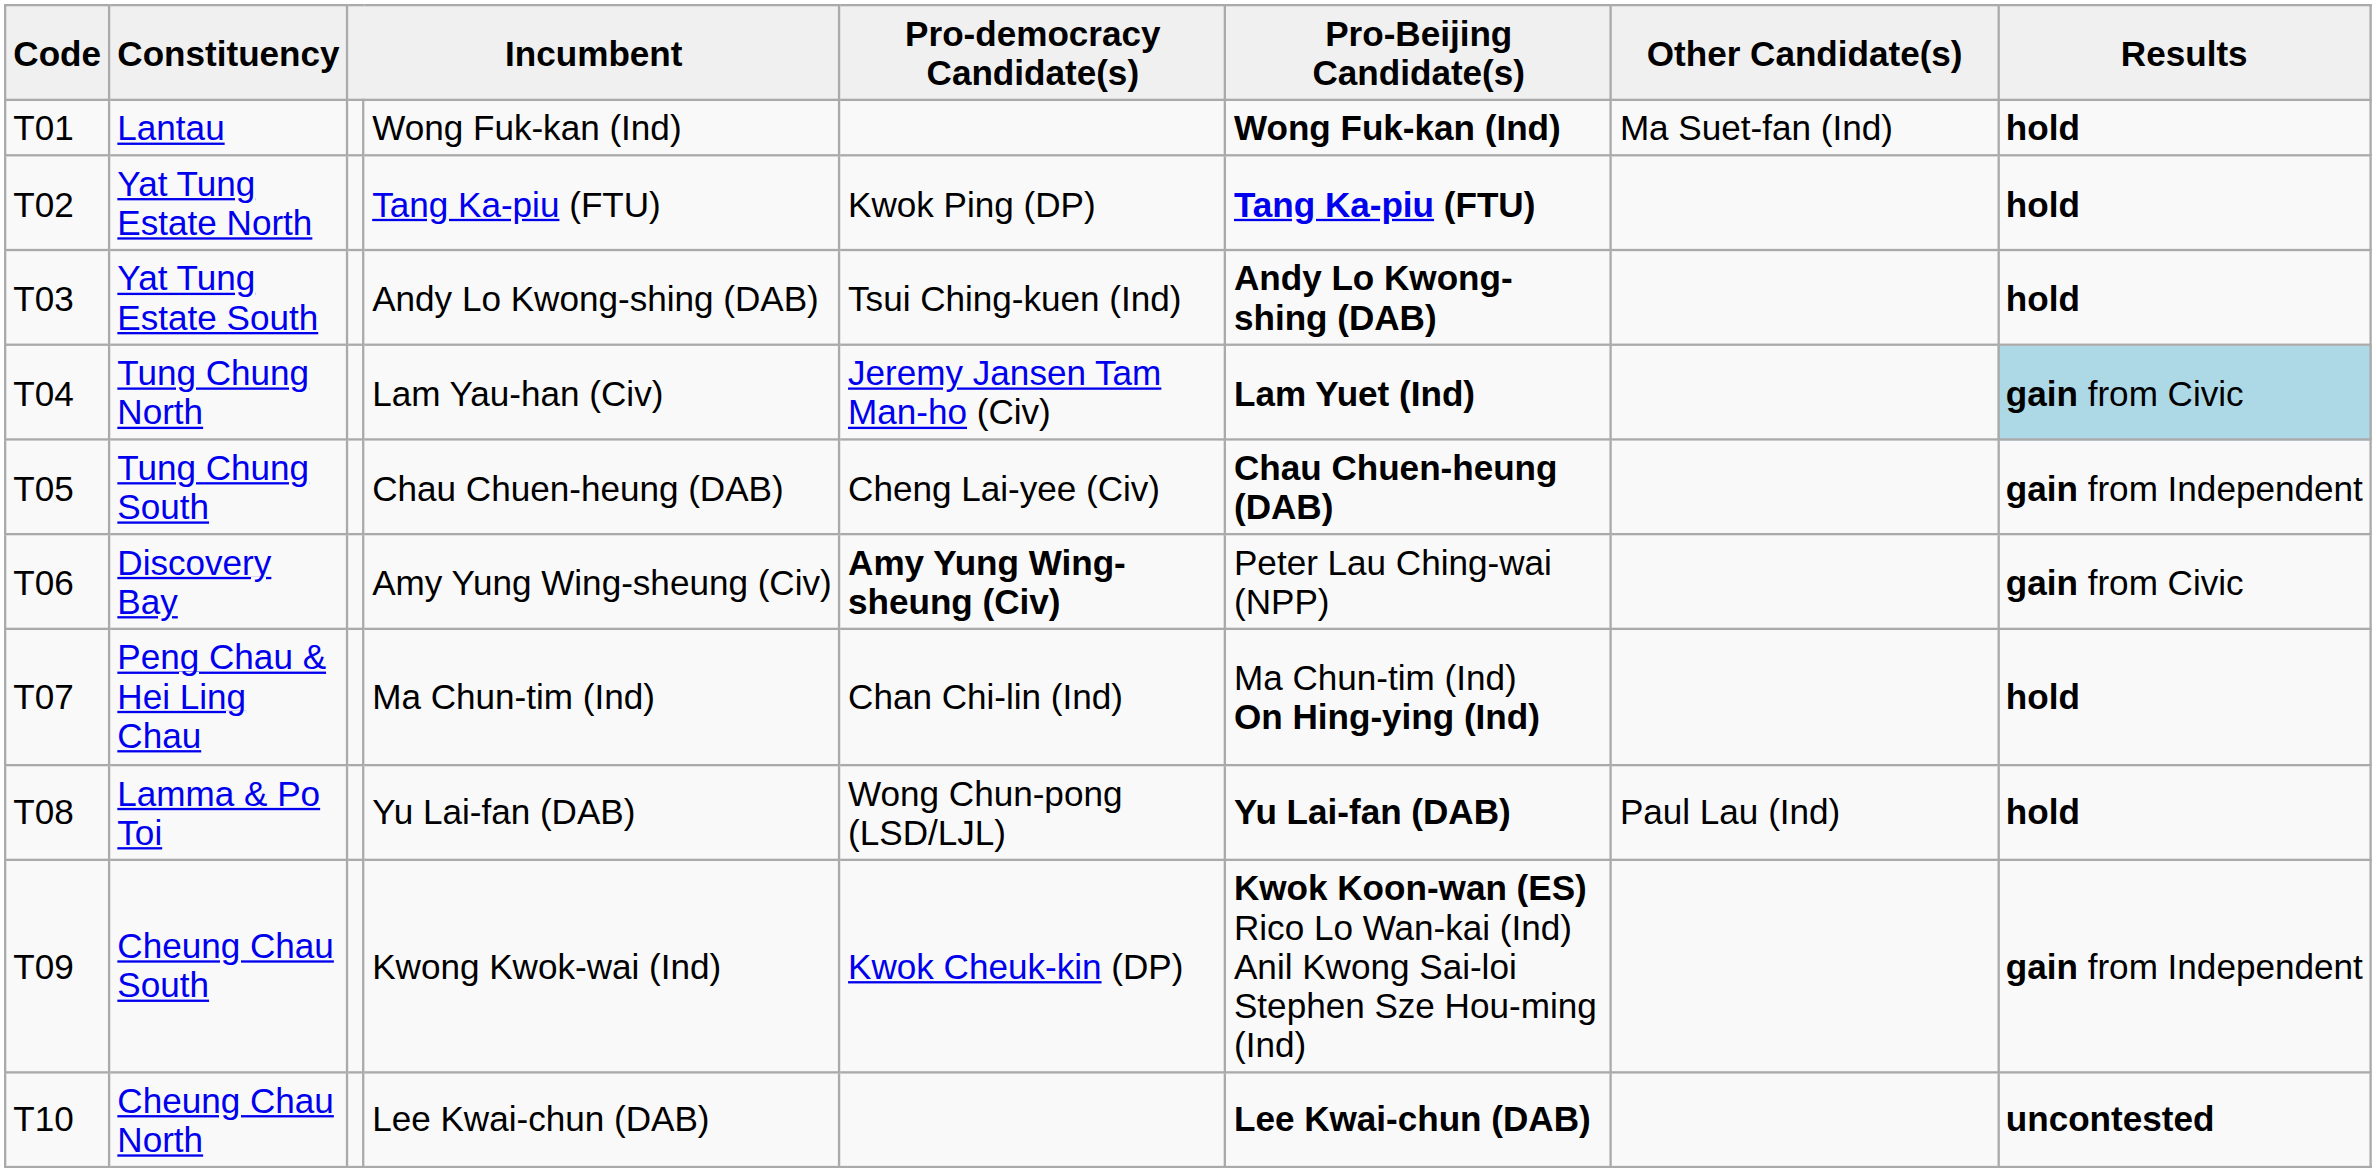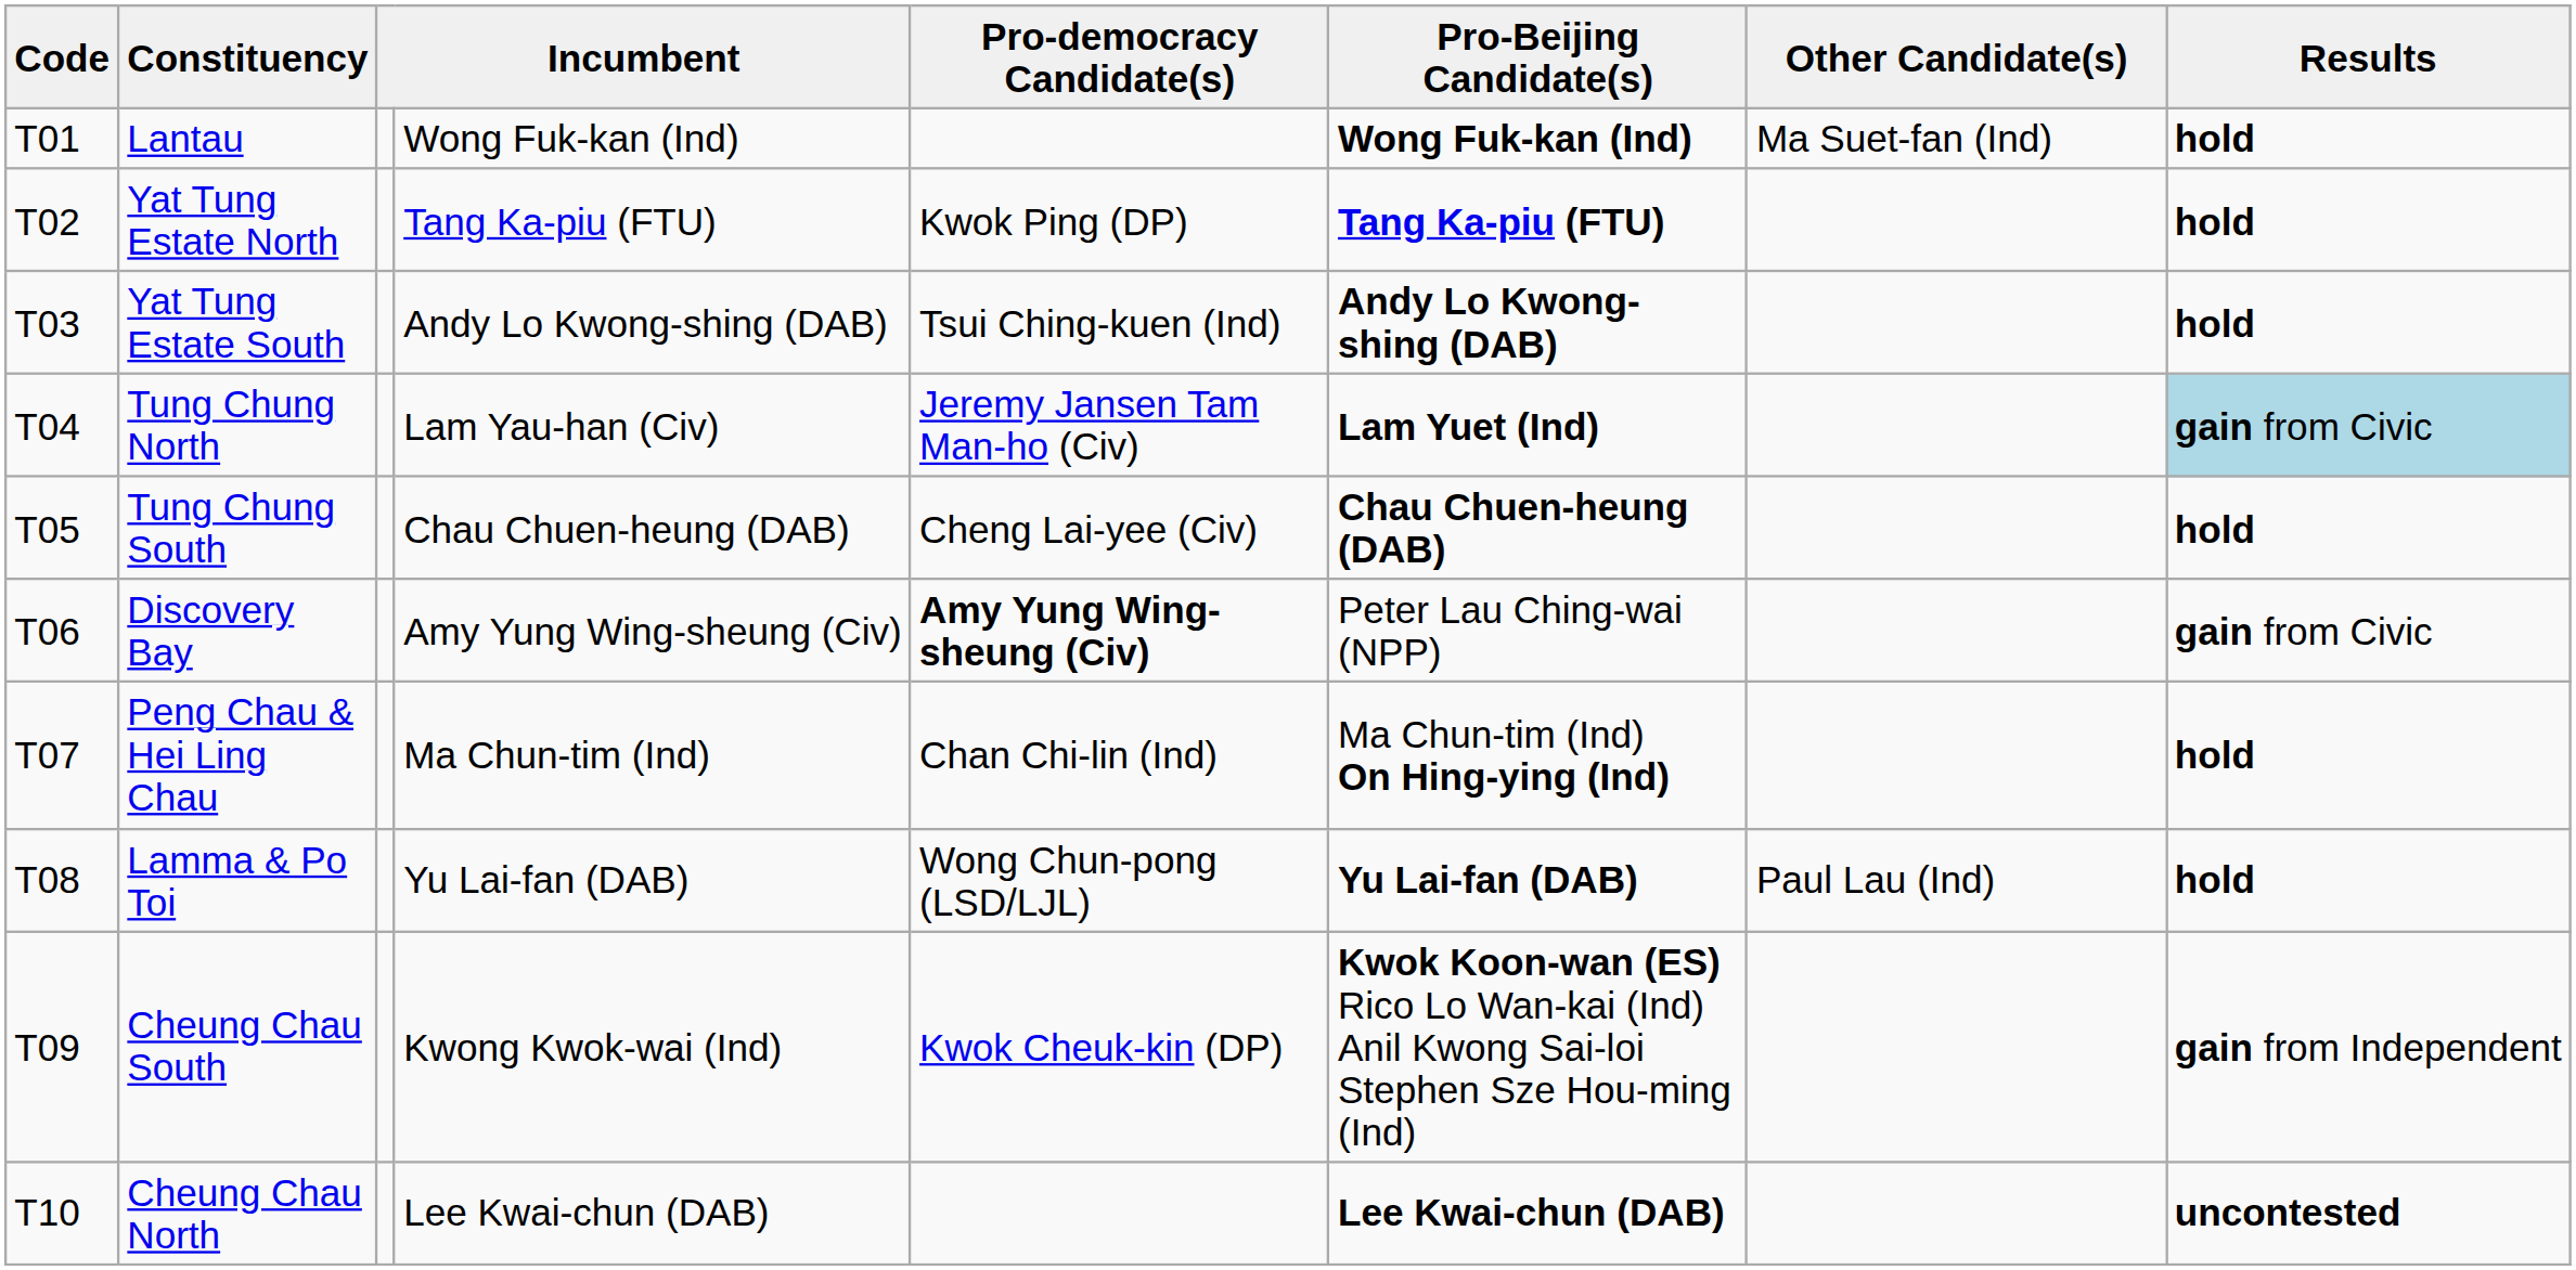 <table class="wikitable" style="font-size: 95%;">
 <tr>
 <th align="center" style="background:#f0f0f0;" width="20px">Code</th>
 <th align="center" style="background:#f0f0f0;" width="90px">Constituency</th>
 <th align="center" style="background:#f0f0f0;" width="120px" colspan=2>Incumbent</th>
 <th align="center" style="background:#f0f0f0;" width="160px">Pro-democracy Candidate(s)</th>
 <th align="center" style="background:#f0f0f0;" width="160px">Pro-Beijing Candidate(s)</th>
 <th align="center" style="background:#f0f0f0;" width="160px">Other Candidate(s)</th>
 <th align="center" style="background:#f0f0f0;" width="100px" colspan="2">Results</th>
 </tr>
 <tr>
 <td>T01</td>
 <td><a href='#'>Lantau</a></td>
 <td></td>
 <td>Wong Fuk-kan (Ind)</td>
 <td></td>
 <td><strong>Wong Fuk-kan (Ind)</strong></td>
 <td>Ma Suet-fan (Ind)</td>
 <td> <strong>hold</strong></td>
 </tr>
 <tr>
 <td>T02</td>
 <td><a href='#'>Yat Tung Estate North</a></td>
 <td></td>
 <td><a href='#'>Tang Ka-piu</a> (FTU)</td>
 <td>Kwok Ping (DP)</td>
 <td><strong><a href='#'>Tang Ka-piu</a> (FTU)</strong></td>
 <td></td>
 <td> <strong>hold</strong></td>
 </tr>
 <tr>
 <td>T03</td>
 <td><a href='#'>Yat Tung Estate South</a></td>
 <td></td>
 <td>Andy Lo Kwong-shing (DAB)</td>
 <td>Tsui Ching-kuen (Ind)</td>
 <td><strong>Andy Lo Kwong-shing (DAB) </strong></td>
 <td></td>
 <td> <strong>hold</strong></td>
 </tr>
 <tr>
 <td>T04</td>
 <td><a href='#'>Tung Chung North</a></td>
 <td></td>
 <td>Lam Yau-han (Civ)</td>
 <td><a href='#'>Jeremy Jansen Tam Man-ho</a> (Civ)</td>
 <td><strong>Lam Yuet (Ind)</strong></td>
 <td></td>
 <td style="background: lightblue;"> <strong>gain</strong> from Civic</td>
 </tr>
 <tr>
 <td>T05</td>
 <td><a href='#'>Tung Chung South</a></td>
 <td></td>
 <td>Chau Chuen-heung (DAB)</td>
 <td>Cheng Lai-yee (Civ)</td>
 <td><strong>Chau Chuen-heung (DAB)</strong></td>
 <td></td>
-<td> <strong>gain</strong> from Independent</td>
+<td> <strong>hold</strong></td>
 </tr>
 <tr>
 <td>T06</td>
 <td><a href='#'>Discovery Bay</a></td>
 <td></td>
 <td>Amy Yung Wing-sheung (Civ)</td>
 <td><strong>Amy Yung Wing-sheung (Civ) </strong></td>
 <td>Peter Lau Ching-wai (NPP)</td>
 <td></td>
 <td> <strong>gain</strong> from Civic</td>
 </tr>
 <tr>
 <td>T07</td>
 <td><a href='#'>Peng Chau & Hei Ling Chau</a></td>
 <td></td>
 <td>Ma Chun-tim (Ind)</td>
 <td>Chan Chi-lin (Ind)</td>
 <td>Ma Chun-tim (Ind)<br> <strong>On Hing-ying (Ind) </strong></td>
 <td></td>
 <td> <strong>hold</strong></td>
 </tr>
 <tr>
 <td>T08</td>
 <td><a href='#'>Lamma & Po Toi</a></td>
 <td></td>
 <td>Yu Lai-fan (DAB)</td>
 <td>Wong Chun-pong (LSD/LJL)</td>
 <td><strong>Yu Lai-fan (DAB)</strong></td>
 <td>Paul Lau (Ind)</td>
 <td> <strong>hold</strong></td>
 </tr>
 <tr>
 <td>T09</td>
 <td><a href='#'>Cheung Chau South</a></td>
 <td></td>
 <td>Kwong Kwok-wai (Ind)</td>
 <td><a href='#'>Kwok Cheuk-kin</a> (DP)</td>
 <td><strong>Kwok Koon-wan (ES)</strong><br>Rico Lo Wan-kai (Ind)<br>Anil Kwong Sai-loi<br>Stephen Sze Hou-ming (Ind)</td>
 <td></td>
 <td> <strong>gain</strong> from Independent</td>
 </tr>
 <tr>
 <td>T10</td>
 <td><a href='#'>Cheung Chau North</a></td>
 <td></td>
 <td>Lee Kwai-chun (DAB)</td>
 <td></td>
 <td><strong>Lee Kwai-chun (DAB)</strong></td>
 <td></td>
 <td> <strong>uncontested</strong></td>
 </tr>
 <tr>
 </tr>
 </table>
